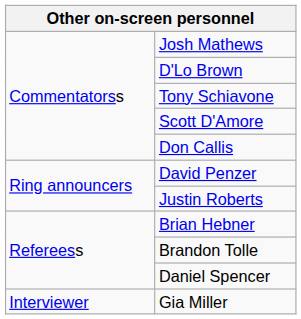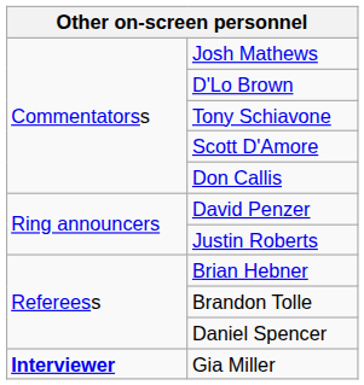 <table align="right" class="wikitable" style="border:1px; font-size:90%; margin-left:1em;">
 <tr>
 <th width="250" colspan="2"><strong>Other on-screen personnel</strong></th>
 </tr>
 <tr>
 <td rowspan="5"><a href='#'>Commentators</a>s</td>
 <td><a href='#'>Josh Mathews</a></td>
 </tr>
 <tr>
 <td><a href='#'>D'Lo Brown</a></td>
 </tr>
 <tr>
 <td><a href='#'>Tony Schiavone</a> </td>
 </tr>
 <tr>
 <td><a href='#'>Scott D'Amore</a> </td>
 </tr>
 <tr>
 <td><a href='#'>Don Callis</a> </td>
 </tr>
 <tr>
 <td rowspan="2"><a href='#'>Ring announcers</a></td>
 <td><a href='#'>David Penzer</a></td>
 </tr>
 <tr>
 <td><a href='#'>Justin Roberts</a> </td>
 </tr>
 <tr>
 <td rowspan="3"><a href='#'>Referees</a>s</td>
 <td><a href='#'>Brian Hebner</a></td>
 </tr>
 <tr>
 <td>Brandon Tolle</td>
 </tr>
 <tr>
 <td>Daniel Spencer</td>
 </tr>
 <tr>
-<td rowspan="1"><a href='#'>Interviewer</a></td>
+<td rowspan="1"><strong><a href='#'>Interviewer</a></strong></td>
 <td>Gia Miller</td>
 </tr>
 </table>
